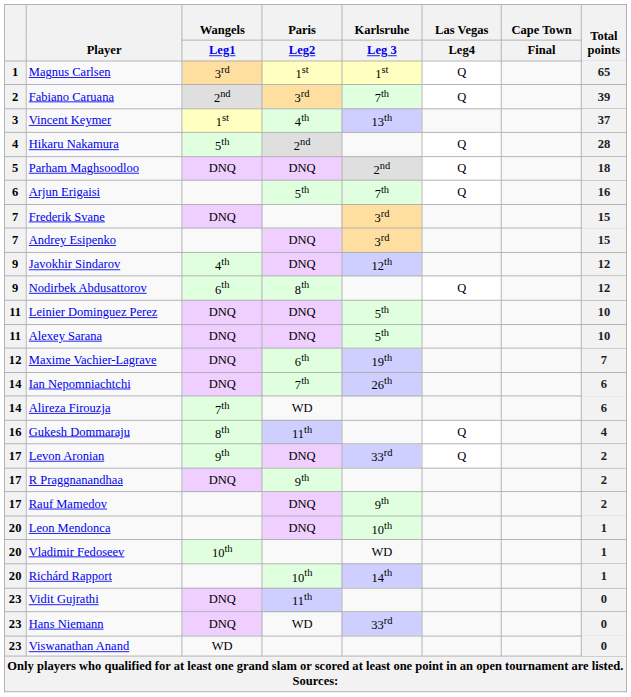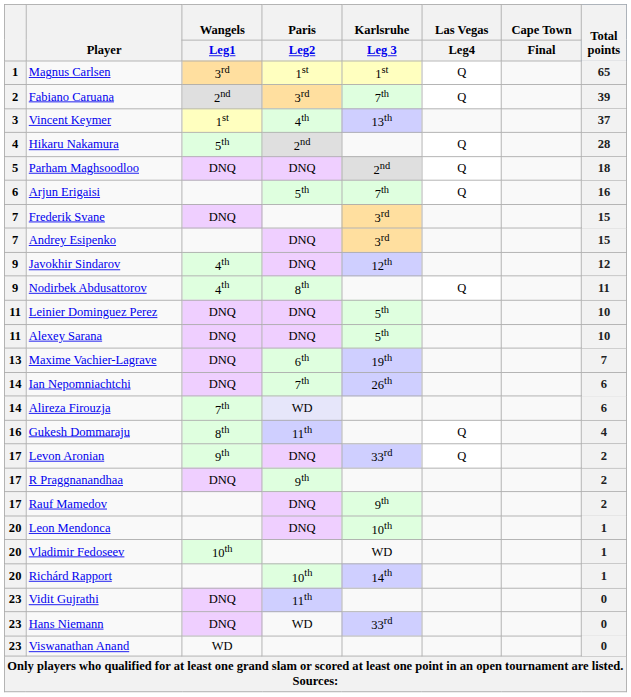 <table class="wikitable" style="text-align:center; vertical-align:top; font-size: 90%; border-collapse:collapse; border-spacing: 0;">
 <tr>
 <th rowspan="2" style="vertical-align:bottom"></th>
 <th rowspan="2" style="vertical-align:bottom">Player</th>
 <th style="width: 85px"><br>Wangels</th>
 <th style="width: 85px"><br>Paris</th>
 <th style="width: 85px"><br>Karlsruhe</th>
 <th style="width: 85px"><br>Las Vegas</th>
 <th style="width: 85px"><br>Cape Town</th>
 <th rowspan="2" style="vertical-align:bottom; border:1px solid #a2a9b1; position:sticky; right: 0; background-clip: padding-box;">Total<br>points</th>
 </tr>
 <tr>
 <th><a href='#'>Leg1</a></th>
 <th><a href='#'>Leg2</a></th>
 <th><a href='#'>Leg 3</a></th>
 <th>Leg4</th>
 <th>Final</th>
 </tr>
 <tr>
 <th>1</th>
 <td style="text-align:left"> <a href='#'>Magnus Carlsen</a></td>
 <td style="background:#FFDF9F">3<sup>rd</sup></td>
 <td style="background:#FFFFBF">1<sup>st</sup></td>
 <td style="background:#FFFFBF">1<sup>st</sup></td>
 <td style="background:#FFFFFF">Q</td>
 <td></td>
 <th style="position:sticky; right: 0; background-clip: padding-box; color: var(--color-base,#202122);">65</th>
 </tr>
 <tr>
 <th>2</th>
 <td style="text-align:left"> <a href='#'>Fabiano Caruana</a></td>
 <td style="background:#DFDFDF">2<sup>nd</sup></td>
 <td style="background:#FFDF9F">3<sup>rd</sup></td>
 <td style="background:#DFFFDF">7<sup>th</sup></td>
 <td style="background:#FFFFFF">Q</td>
 <td></td>
 <th style="position:sticky; right: 0; background-clip: padding-box; color: var(--color-base,#202122);">39</th>
 </tr>
 <tr>
 <th>3</th>
 <td style="text-align:left"> <a href='#'>Vincent Keymer</a></td>
 <td style="background:#FFFFBF">1<sup>st</sup></td>
 <td style="background:#DFFFDF">4<sup>th</sup></td>
 <td style="background:#CFCFFF">13<sup>th</sup></td>
 <td></td>
 <td></td>
 <th style="position:sticky; right: 0; background-clip: padding-box; color: var(--color-base,#202122);">37</th>
 </tr>
 <tr>
 <th>4</th>
 <td style="text-align:left"> <a href='#'>Hikaru Nakamura</a></td>
 <td style="background:#DFFFDF">5<sup>th</sup></td>
 <td style="background:#DFDFDF">2<sup>nd</sup></td>
 <td></td>
 <td style="background:#FFFFFF">Q</td>
 <td></td>
 <th style="position:sticky; right: 0; background-clip: padding-box; color: var(--color-base,#202122);">28</th>
 </tr>
 <tr>
 <th>5</th>
 <td style="text-align:left"> <a href='#'>Parham Maghsoodloo</a></td>
 <td style="background:#EFCFFF">DNQ</td>
 <td style="background:#EFCFFF">DNQ</td>
 <td style="background:#DFDFDF">2<sup>nd</sup></td>
 <td style="background:#FFFFFF">Q</td>
 <td></td>
 <th style="position:sticky; right: 0; background-clip: padding-box; color: var(--color-base,#202122);">18</th>
 </tr>
 <tr>
 <th>6</th>
 <td style="text-align:left"> <a href='#'>Arjun Erigaisi</a></td>
 <td></td>
 <td style="background:#DFFFDF">5<sup>th</sup></td>
 <td style="background:#DFFFDF">7<sup>th</sup></td>
 <td style="background:#FFFFFF">Q</td>
 <td></td>
 <th style="position:sticky; right: 0; background-clip: padding-box; color: var(--color-base,#202122);">16</th>
 </tr>
 <tr>
 <th>7</th>
 <td style="text-align:left"> <a href='#'>Frederik Svane</a></td>
 <td style="background:#EFCFFF">DNQ</td>
 <td></td>
 <td style="background:#FFDF9F">3<sup>rd</sup></td>
 <td></td>
 <td></td>
 <th style="position:sticky; right: 0; background-clip: padding-box; color: var(--color-base,#202122);">15</th>
 </tr>
 <tr>
 <th>7</th>
 <td style="text-align:left"> <a href='#'>Andrey Esipenko</a></td>
 <td></td>
 <td style="background:#EFCFFF">DNQ</td>
 <td style="background:#FFDF9F">3<sup>rd</sup></td>
 <td></td>
 <td></td>
 <th style="position:sticky; right: 0; background-clip: padding-box; color: var(--color-base,#202122);">15</th>
 </tr>
 <tr>
 <th>9</th>
 <td style="text-align:left"> <a href='#'>Javokhir Sindarov</a></td>
 <td style="background:#DFFFDF">4<sup>th</sup></td>
 <td style="background:#EFCFFF">DNQ</td>
 <td style="background:#CFCFFF">12<sup>th</sup></td>
 <td></td>
 <td></td>
 <th style="position:sticky; right: 0; background-clip: padding-box; color: var(--color-base,#202122);">12</th>
 </tr>
 <tr>
 <th>9</th>
 <td style="text-align:left"> <a href='#'>Nodirbek Abdusattorov</a></td>
-<td style="background:#DFFFDF">6<sup>th</sup></td>
+<td style="background:#DFFFDF">4<sup>th</sup></td>
 <td style="background:#DFFFDF">8<sup>th</sup></td>
 <td></td>
 <td style="background:#FFFFFF">Q</td>
 <td></td>
-<th style="position:sticky; right: 0; background-clip: padding-box; color: var(--color-base,#202122);">12</th>
+<th style="position:sticky; right: 0; background-clip: padding-box; color: var(--color-base,#202122);">11</th>
 </tr>
 <tr>
 <th>11</th>
 <td style="text-align:left"> <a href='#'>Leinier Dominguez Perez</a></td>
 <td style="background:#EFCFFF">DNQ</td>
 <td style="background:#EFCFFF">DNQ</td>
 <td style="background:#DFFFDF">5<sup>th</sup></td>
 <td></td>
 <td></td>
 <th style="position:sticky; right: 0; background-clip: padding-box; color: var(--color-base,#202122);">10</th>
 </tr>
 <tr>
 <th>11</th>
 <td style="text-align:left"> <a href='#'>Alexey Sarana</a></td>
 <td style="background:#EFCFFF">DNQ</td>
 <td style="background:#EFCFFF">DNQ</td>
 <td style="background:#DFFFDF">5<sup>th</sup></td>
 <td></td>
 <td></td>
 <th style="position:sticky; right: 0; background-clip: padding-box; color: var(--color-base,#202122);">10</th>
 </tr>
 <tr>
-<th>12</th>
+<th>13</th>
 <td style="text-align:left"> <a href='#'>Maxime Vachier-Lagrave</a></td>
 <td style="background:#EFCFFF">DNQ</td>
 <td style="background:#DFFFDF">6<sup>th</sup></td>
 <td style="background:#CFCFFF">19<sup>th</sup></td>
 <td></td>
 <td></td>
 <th style="position:sticky; right: 0; background-clip: padding-box; color: var(--color-base,#202122);">7</th>
 </tr>
 <tr>
 <th>14</th>
 <td style="text-align:left"> <a href='#'>Ian Nepomniachtchi</a></td>
 <td style="background:#EFCFFF">DNQ</td>
 <td style="background:#DFFFDF">7<sup>th</sup></td>
 <td style="background:#CFCFFF">26<sup>th</sup></td>
 <td></td>
 <td></td>
 <th style="position:sticky; right: 0; background-clip: padding-box; color: var(--color-base,#202122);">6</th>
 </tr>
 <tr>
 <th>14</th>
 <td style="text-align:left"> <a href='#'>Alireza Firouzja</a></td>
 <td style="background:#DFFFDF">7<sup>th</sup></td>
-<td>WD</td>
+<td style="background: lavender;">WD</td>
 <td></td>
 <td></td>
 <td></td>
 <th style="position:sticky; right: 0; background-clip: padding-box; color: var(--color-base,#202122);">6</th>
 </tr>
 <tr>
 <th>16</th>
 <td style="text-align:left"> <a href='#'>Gukesh Dommaraju</a></td>
 <td style="background:#DFFFDF">8<sup>th</sup></td>
 <td style="background:#CFCFFF">11<sup>th</sup></td>
 <td></td>
 <td style="background:#FFFFFF">Q</td>
 <td></td>
 <th style="position:sticky; right: 0; background-clip: padding-box; color: var(--color-base,#202122);">4</th>
 </tr>
 <tr>
 <th>17</th>
 <td style="text-align:left"> <a href='#'>Levon Aronian</a></td>
 <td style="background:#DFFFDF">9<sup>th</sup></td>
 <td style="background:#EFCFFF">DNQ</td>
 <td style="background:#CFCFFF">33<sup>rd</sup></td>
 <td style="background:#FFFFFF">Q</td>
 <td></td>
 <th style="position:sticky; right: 0; background-clip: padding-box; color: var(--color-base,#202122);">2</th>
 </tr>
 <tr>
 <th>17</th>
 <td style="text-align:left"> <a href='#'>R Praggnanandhaa</a></td>
 <td style="background:#EFCFFF">DNQ</td>
 <td style="background:#DFFFDF">9<sup>th</sup></td>
 <td></td>
 <td></td>
 <td></td>
 <th style="position:sticky; right: 0; background-clip: padding-box; color: var(--color-base,#202122);">2</th>
 </tr>
 <tr>
 <th>17</th>
 <td style="text-align:left"> <a href='#'>Rauf Mamedov</a></td>
 <td></td>
 <td style="background:#EFCFFF">DNQ</td>
 <td style="background:#DFFFDF">9<sup>th</sup></td>
 <td></td>
 <td></td>
 <th style="position:sticky; right: 0; background-clip: padding-box; color: var(--color-base,#202122);">2</th>
 </tr>
 <tr>
 <th>20</th>
 <td style="text-align:left"> <a href='#'>Leon Mendonca</a></td>
 <td></td>
 <td style="background:#EFCFFF">DNQ</td>
 <td style="background:#DFFFDF">10<sup>th</sup></td>
 <td></td>
 <td></td>
 <th style="position:sticky; right: 0; background-clip: padding-box; color: var(--color-base,#202122);">1</th>
 </tr>
 <tr>
 <th>20</th>
 <td style="text-align:left"> <a href='#'>Vladimir Fedoseev</a></td>
 <td style="background:#DFFFDF">10<sup>th</sup></td>
 <td></td>
 <td>WD</td>
 <td></td>
 <td></td>
 <th style="position:sticky; right: 0; background-clip: padding-box; color: var(--color-base,#202122);">1</th>
 </tr>
 <tr>
 <th>20</th>
 <td style="text-align:left"> <a href='#'>Richárd Rapport</a></td>
 <td></td>
 <td style="background:#DFFFDF">10<sup>th</sup></td>
 <td style="background:#CFCFFF">14<sup>th</sup></td>
 <td></td>
 <td></td>
 <th style="position:sticky; right: 0; background-clip: padding-box; color: var(--color-base,#202122);">1</th>
 </tr>
 <tr>
 <th>23</th>
 <td style="text-align:left"> <a href='#'>Vidit Gujrathi</a></td>
 <td style="background:#EFCFFF">DNQ</td>
 <td style="background:#CFCFFF">11<sup>th</sup></td>
 <td></td>
 <td></td>
 <td></td>
 <th style="position:sticky; right: 0; background-clip: padding-box; color: var(--color-base,#202122);">0</th>
 </tr>
 <tr>
 <th>23</th>
 <td style="text-align:left"> <a href='#'>Hans Niemann</a></td>
 <td style="background:#EFCFFF">DNQ</td>
 <td>WD</td>
 <td style="background:#CFCFFF">33<sup>rd</sup></td>
 <td></td>
 <td></td>
 <th style="position:sticky; right: 0; background-clip: padding-box; color: var(--color-base,#202122);">0</th>
 </tr>
 <tr>
 <th>23</th>
 <td style="text-align:left"> <a href='#'>Viswanathan Anand</a></td>
 <td>WD</td>
 <td></td>
 <td></td>
 <td></td>
 <td></td>
 <th style="position:sticky; right: 0; background-clip: padding-box; color: var(--color-base,#202122);">0</th>
 </tr>
 <tr>
 <th colspan="8">Only players who qualified for at least one grand slam or scored at least one point in an open tournament are listed.<br>Sources:</th>
 </tr>
 </table>
